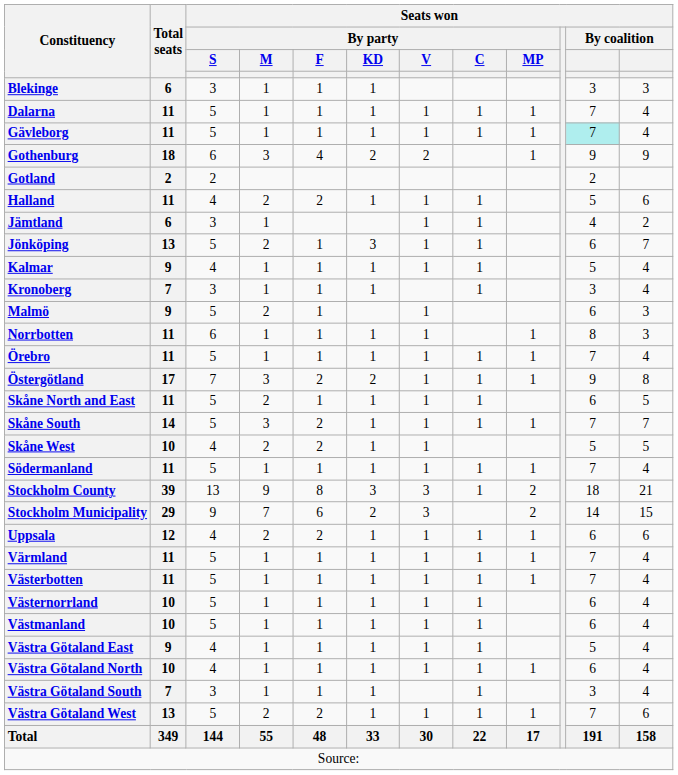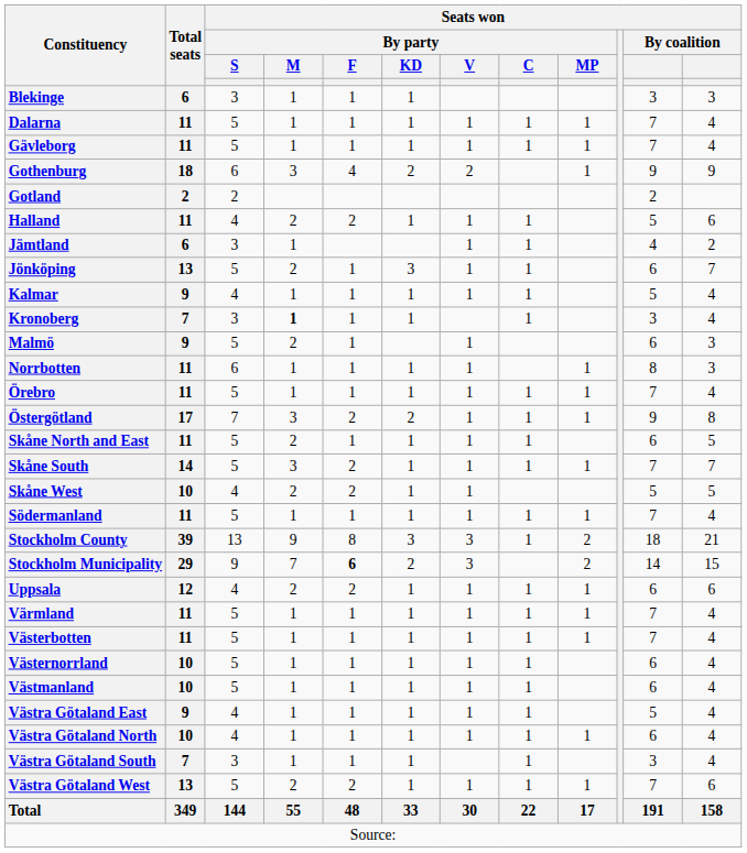 <table class="wikitable" style="text-align:center; font-size: 0.9em;">
 <tr>
 <th rowspan="4">Constituency</th>
 <th rowspan="4">Total<br>seats</th>
 <th colspan="10">Seats won</th>
 </tr>
 <tr>
 <th colspan="7">By party</th>
 <th rowspan="33"></th>
 <th colspan="2">By coalition</th>
 </tr>
 <tr>
 <th class="unsortable" style="width:50px;"><a href='#'>S</a></th>
 <th class="unsortable" style="width:50px;"><a href='#'>M</a></th>
 <th class="unsortable" style="width:50px;"><a href='#'>F</a></th>
 <th class="unsortable" style="width:50px;"><a href='#'>KD</a></th>
 <th class="unsortable" style="width:50px;"><a href='#'>V</a></th>
 <th class="unsortable" style="width:50px;"><a href='#'>C</a></th>
 <th class="unsortable" style="width:50px;"><a href='#'>MP</a></th>
 <th class="unsortable" style="width:50px;"></th>
 <th class="unsortable" style="width:50px;"></th>
 </tr>
 <tr>
 <th style="background:"></th>
 <th style="background:"></th>
 <th style="background:"></th>
 <th style="background:"></th>
 <th style="background:"></th>
 <th style="background:"></th>
 <th style="background:"></th>
 <th style="background:"></th>
 <th style="background:"></th>
 </tr>
 <tr>
 <th style="text-align: left;"><a href='#'>Blekinge</a></th>
 <th>6</th>
 <td>3</td>
 <td>1</td>
 <td>1</td>
 <td>1</td>
 <td></td>
 <td></td>
 <td></td>
 <td>3</td>
 <td>3</td>
 </tr>
 <tr>
 <th style="text-align: left;"><a href='#'>Dalarna</a></th>
 <th>11</th>
 <td>5</td>
 <td>1</td>
 <td>1</td>
 <td>1</td>
 <td>1</td>
 <td>1</td>
 <td>1</td>
 <td>7</td>
 <td>4</td>
 </tr>
 <tr>
 <th style="text-align: left;"><a href='#'>Gävleborg</a></th>
 <th>11</th>
 <td>5</td>
 <td>1</td>
 <td>1</td>
 <td>1</td>
 <td>1</td>
 <td>1</td>
 <td>1</td>
-<td style="background: paleturquoise;">7</td>
+<td>7</td>
 <td>4</td>
 </tr>
 <tr>
 <th style="text-align: left;"><a href='#'>Gothenburg</a></th>
 <th>18</th>
 <td>6</td>
 <td>3</td>
 <td>4</td>
 <td>2</td>
 <td>2</td>
 <td></td>
 <td>1</td>
 <td>9</td>
 <td>9</td>
 </tr>
 <tr>
 <th style="text-align: left;"><a href='#'>Gotland</a></th>
 <th>2</th>
 <td>2</td>
 <td></td>
 <td></td>
 <td></td>
 <td></td>
 <td></td>
 <td></td>
 <td>2</td>
 <td></td>
 </tr>
 <tr>
 <th style="text-align: left;"><a href='#'>Halland</a></th>
 <th>11</th>
 <td>4</td>
 <td>2</td>
 <td>2</td>
 <td>1</td>
 <td>1</td>
 <td>1</td>
 <td></td>
 <td>5</td>
 <td>6</td>
 </tr>
 <tr>
 <th style="text-align: left;"><a href='#'>Jämtland</a></th>
 <th>6</th>
 <td>3</td>
 <td>1</td>
 <td></td>
 <td></td>
 <td>1</td>
 <td>1</td>
 <td></td>
 <td>4</td>
 <td>2</td>
 </tr>
 <tr>
 <th style="text-align: left;"><a href='#'>Jönköping</a></th>
 <th>13</th>
 <td>5</td>
 <td>2</td>
 <td>1</td>
 <td>3</td>
 <td>1</td>
 <td>1</td>
 <td></td>
 <td>6</td>
 <td>7</td>
 </tr>
 <tr>
 <th style="text-align: left;"><a href='#'>Kalmar</a></th>
 <th>9</th>
 <td>4</td>
 <td>1</td>
 <td>1</td>
 <td>1</td>
 <td>1</td>
 <td>1</td>
 <td></td>
 <td>5</td>
 <td>4</td>
 </tr>
 <tr>
 <th style="text-align: left;"><a href='#'>Kronoberg</a></th>
 <th>7</th>
 <td>3</td>
-<td>1</td>
+<td><strong>1</strong></td>
 <td>1</td>
 <td>1</td>
 <td></td>
 <td>1</td>
 <td></td>
 <td>3</td>
 <td>4</td>
 </tr>
 <tr>
 <th style="text-align: left;"><a href='#'>Malmö</a></th>
 <th>9</th>
 <td>5</td>
 <td>2</td>
 <td>1</td>
 <td></td>
 <td>1</td>
 <td></td>
 <td></td>
 <td>6</td>
 <td>3</td>
 </tr>
 <tr>
 <th style="text-align: left;"><a href='#'>Norrbotten</a></th>
 <th>11</th>
 <td>6</td>
 <td>1</td>
 <td>1</td>
 <td>1</td>
 <td>1</td>
 <td></td>
 <td>1</td>
 <td>8</td>
 <td>3</td>
 </tr>
 <tr>
 <th style="text-align: left;"><a href='#'>Örebro</a></th>
 <th>11</th>
 <td>5</td>
 <td>1</td>
 <td>1</td>
 <td>1</td>
 <td>1</td>
 <td>1</td>
 <td>1</td>
 <td>7</td>
 <td>4</td>
 </tr>
 <tr>
 <th style="text-align: left;"><a href='#'>Östergötland</a></th>
 <th>17</th>
 <td>7</td>
 <td>3</td>
 <td>2</td>
 <td>2</td>
 <td>1</td>
 <td>1</td>
 <td>1</td>
 <td>9</td>
 <td>8</td>
 </tr>
 <tr>
 <th style="text-align: left;"><a href='#'>Skåne North and East</a></th>
 <th>11</th>
 <td>5</td>
 <td>2</td>
 <td>1</td>
 <td>1</td>
 <td>1</td>
 <td>1</td>
 <td></td>
 <td>6</td>
 <td>5</td>
 </tr>
 <tr>
 <th style="text-align: left;"><a href='#'>Skåne South</a></th>
 <th>14</th>
 <td>5</td>
 <td>3</td>
 <td>2</td>
 <td>1</td>
 <td>1</td>
 <td>1</td>
 <td>1</td>
 <td>7</td>
 <td>7</td>
 </tr>
 <tr>
 <th style="text-align: left;"><a href='#'>Skåne West</a></th>
 <th>10</th>
 <td>4</td>
 <td>2</td>
 <td>2</td>
 <td>1</td>
 <td>1</td>
 <td></td>
 <td></td>
 <td>5</td>
 <td>5</td>
 </tr>
 <tr>
 <th style="text-align: left;"><a href='#'>Södermanland</a></th>
 <th>11</th>
 <td>5</td>
 <td>1</td>
 <td>1</td>
 <td>1</td>
 <td>1</td>
 <td>1</td>
 <td>1</td>
 <td>7</td>
 <td>4</td>
 </tr>
 <tr>
 <th style="text-align: left;"><a href='#'>Stockholm County</a></th>
 <th>39</th>
 <td>13</td>
 <td>9</td>
 <td>8</td>
 <td>3</td>
 <td>3</td>
 <td>1</td>
 <td>2</td>
 <td>18</td>
 <td>21</td>
 </tr>
 <tr>
 <th style="text-align: left;"><a href='#'>Stockholm Municipality</a></th>
 <th>29</th>
 <td>9</td>
 <td>7</td>
-<td>6</td>
+<td><strong>6</strong></td>
 <td>2</td>
 <td>3</td>
 <td></td>
 <td>2</td>
 <td>14</td>
 <td>15</td>
 </tr>
 <tr>
 <th style="text-align: left;"><a href='#'>Uppsala</a></th>
 <th>12</th>
 <td>4</td>
 <td>2</td>
 <td>2</td>
 <td>1</td>
 <td>1</td>
 <td>1</td>
 <td>1</td>
 <td>6</td>
 <td>6</td>
 </tr>
 <tr>
 <th style="text-align: left;"><a href='#'>Värmland</a></th>
 <th>11</th>
 <td>5</td>
 <td>1</td>
 <td>1</td>
 <td>1</td>
 <td>1</td>
 <td>1</td>
 <td>1</td>
 <td>7</td>
 <td>4</td>
 </tr>
 <tr>
 <th style="text-align: left;"><a href='#'>Västerbotten</a></th>
 <th>11</th>
 <td>5</td>
 <td>1</td>
 <td>1</td>
 <td>1</td>
 <td>1</td>
 <td>1</td>
 <td>1</td>
 <td>7</td>
 <td>4</td>
 </tr>
 <tr>
 <th style="text-align: left;"><a href='#'>Västernorrland</a></th>
 <th>10</th>
 <td>5</td>
 <td>1</td>
 <td>1</td>
 <td>1</td>
 <td>1</td>
 <td>1</td>
 <td></td>
 <td>6</td>
 <td>4</td>
 </tr>
 <tr>
 <th style="text-align: left;"><a href='#'>Västmanland</a></th>
 <th>10</th>
 <td>5</td>
 <td>1</td>
 <td>1</td>
 <td>1</td>
 <td>1</td>
 <td>1</td>
 <td></td>
 <td>6</td>
 <td>4</td>
 </tr>
 <tr>
 <th style="text-align: left;"><a href='#'>Västra Götaland East</a></th>
 <th>9</th>
 <td>4</td>
 <td>1</td>
 <td>1</td>
 <td>1</td>
 <td>1</td>
 <td>1</td>
 <td></td>
 <td>5</td>
 <td>4</td>
 </tr>
 <tr>
 <th style="text-align: left;"><a href='#'>Västra Götaland North</a></th>
 <th>10</th>
 <td>4</td>
 <td>1</td>
 <td>1</td>
 <td>1</td>
 <td>1</td>
 <td>1</td>
 <td>1</td>
 <td>6</td>
 <td>4</td>
 </tr>
 <tr>
 <th style="text-align: left;"><a href='#'>Västra Götaland South</a></th>
 <th>7</th>
 <td>3</td>
 <td>1</td>
 <td>1</td>
 <td>1</td>
 <td></td>
 <td>1</td>
 <td></td>
 <td>3</td>
 <td>4</td>
 </tr>
 <tr>
 <th style="text-align: left;"><a href='#'>Västra Götaland West</a></th>
 <th>13</th>
 <td>5</td>
 <td>2</td>
 <td>2</td>
 <td>1</td>
 <td>1</td>
 <td>1</td>
 <td>1</td>
 <td>7</td>
 <td>6</td>
 </tr>
 <tr>
 <th style="text-align: left;">Total</th>
 <th>349</th>
 <th>144</th>
 <th>55</th>
 <th>48</th>
 <th>33</th>
 <th>30</th>
 <th>22</th>
 <th>17</th>
 <th>191</th>
 <th>158</th>
 </tr>
 <tr>
 <td colspan="12">Source: </td>
 </tr>
 </table>
